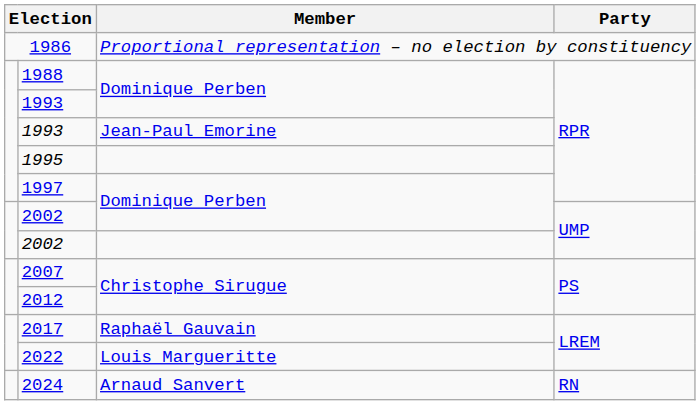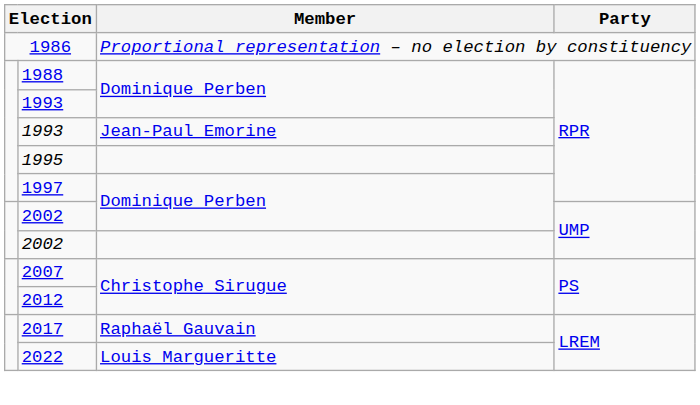 <table class="wikitable">
 <tr>
 <th colspan="2">Election</th>
 <th>Member</th>
 <th>Party</th>
 </tr>
 <tr>
 <td colspan="2" align="center"><a href='#'>1986</a></td>
 <td colspan="2"><em><a href='#'>Proportional representation</a> – no election by constituency</em></td>
 </tr>
 <tr>
 <td rowspan="5" style="background-color: "></td>
 <td><a href='#'>1988</a></td>
 <td rowspan="2"><a href='#'>Dominique Perben</a></td>
 <td rowspan="5"><a href='#'>RPR</a></td>
 </tr>
 <tr>
 <td><a href='#'>1993</a></td>
 </tr>
 <tr>
 <td><em>1993</em></td>
 <td><a href='#'>Jean-Paul Emorine</a></td>
 </tr>
 <tr>
 <td><em>1995</em></td>
 <td></td>
 </tr>
 <tr>
 <td><a href='#'>1997</a></td>
 <td rowspan="2"><a href='#'>Dominique Perben</a></td>
 </tr>
 <tr>
 <td rowspan="2" style="background-color: "></td>
 <td><a href='#'>2002</a></td>
 <td rowspan="2"><a href='#'>UMP</a></td>
 </tr>
 <tr>
 <td><em>2002</em></td>
 <td></td>
 </tr>
 <tr>
 <td rowspan="2" style="background-color: "></td>
 <td><a href='#'>2007</a></td>
 <td rowspan="2"><a href='#'>Christophe Sirugue</a></td>
 <td rowspan="2"><a href='#'>PS</a></td>
 </tr>
 <tr>
 <td><a href='#'>2012</a></td>
 </tr>
 <tr>
 <td rowspan="2" style="background-color: "></td>
 <td><a href='#'>2017</a></td>
 <td><a href='#'>Raphaël Gauvain</a></td>
 <td rowspan="2"><a href='#'>LREM</a></td>
 </tr>
 <tr>
 <td><a href='#'>2022</a></td>
 <td><a href='#'>Louis Margueritte</a></td>
 </tr>
-<tr>
-<td style="background-color: "></td>
-<td><a href='#'>2024</a></td>
-<td><a href='#'>Arnaud Sanvert</a></td>
-<td><a href='#'>RN</a></td>
-</tr>
 </table>
